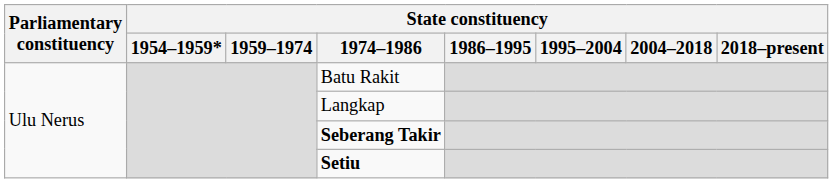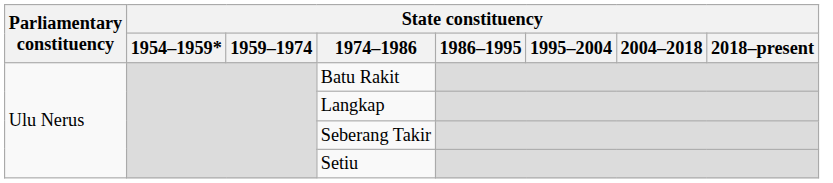 <table class="wikitable">
 <tr>
 <th rowspan="2">Parliamentary<br>constituency</th>
 <th colspan="7">State constituency</th>
 </tr>
 <tr>
 <th>1954–1959*</th>
 <th>1959–1974</th>
 <th>1974–1986</th>
 <th>1986–1995</th>
 <th>1995–2004</th>
 <th>2004–2018</th>
 <th>2018–present</th>
 </tr>
 <tr>
 <td rowspan="4">Ulu Nerus</td>
 <td colspan="2" rowspan="4" bgcolor="dcdcdc"></td>
 <td>Batu Rakit</td>
 <td colspan="4" bgcolor="dcdcdc"></td>
 </tr>
 <tr>
 <td>Langkap</td>
 <td colspan="4" bgcolor="dcdcdc"></td>
 </tr>
 <tr>
-<td><strong>Seberang Takir</strong></td>
+<td>Seberang Takir</td>
 <td colspan="4" bgcolor="dcdcdc"></td>
 </tr>
 <tr>
-<td><strong>Setiu</strong></td>
+<td>Setiu</td>
 <td colspan="4" bgcolor="dcdcdc"></td>
 </tr>
 </table>
